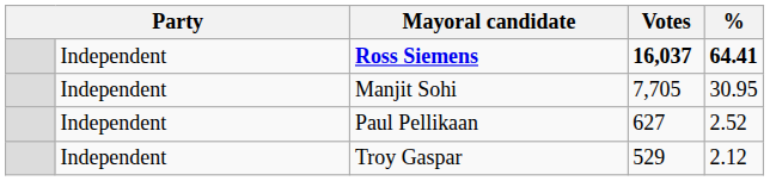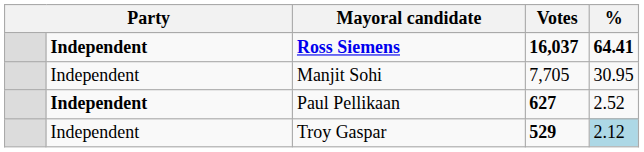 <table class="wikitable">
 <tr>
 <th width="250px" colspan="2">Party</th>
 <th width="200px">Mayoral candidate</th>
 <th width="50px">Votes</th>
 <th width="30px">%</th>
 </tr>
 <tr>
 <td style="background:gainsboro" width="30px"><strong> </strong></td>
-<td>Independent</td>
+<td><strong>Independent</strong></td>
 <td><strong><a href='#'>Ross Siemens</a></strong> </td>
 <td><strong>16,037</strong></td>
 <td><strong>64.41</strong></td>
 </tr>
 <tr>
 <td style="background:gainsboro" width="30px"><strong> </strong></td>
 <td>Independent</td>
 <td>Manjit Sohi</td>
 <td>7,705</td>
 <td>30.95</td>
 </tr>
 <tr>
 <td style="background:gainsboro" width="30px"><strong> </strong></td>
-<td>Independent</td>
+<td><strong>Independent</strong></td>
 <td>Paul Pellikaan</td>
-<td>627</td>
+<td><strong>627</strong></td>
 <td>2.52</td>
 </tr>
 <tr>
 <td style="background:gainsboro" width="30px"><strong> </strong></td>
 <td>Independent</td>
 <td>Troy Gaspar</td>
-<td>529</td>
-<td>2.12</td>
+<td><strong>529</strong></td>
+<td style="background: lightblue;">2.12</td>
 </tr>
 </table>
